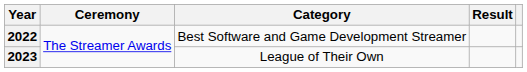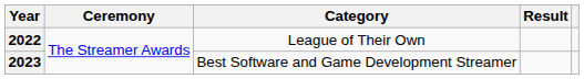 <table class="wikitable" style="text-align:center;">
 <tr>
 <th>Year</th>
 <th>Ceremony</th>
 <th>Category</th>
 <th>Result</th>
 <th></th>
 </tr>
 <tr>
 <th row=scope>2022</th>
 <td rowspan="2'"><a href='#'>The Streamer Awards</a></td>
-<td>Best Software and Game Development Streamer</td>
+<td>League of Their Own</td>
 <td></td>
 <td></td>
 </tr>
 <tr>
 <th row=scope>2023</th>
-<td>League of Their Own</td>
+<td>Best Software and Game Development Streamer</td>
 <td></td>
 <td></td>
 </tr>
 </table>
